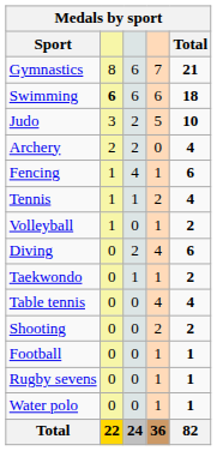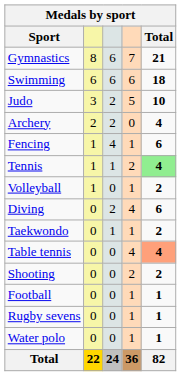 <table class="wikitable" style="text-align:center;font-size:85%;float:right;clear:right;">
 <tr style="background:#efefef;">
 <th colspan=5>Medals by sport</th>
 </tr>
 <tr>
 <th>Sport</th>
 <td bgcolor=#f7f6a8></td>
 <td bgcolor=#dce5e5></td>
 <td bgcolor=#ffdab9></td>
 <th>Total</th>
 </tr>
 <tr>
 <td align=left><a href='#'>Gymnastics</a></td>
 <td bgcolor=#f7f6a8>8</td>
 <td bgcolor=#dce5e5>6</td>
 <td bgcolor=#ffdab9>7</td>
 <td><strong>21</strong></td>
 </tr>
 <tr>
 <td align=left><a href='#'>Swimming</a></td>
-<td bgcolor=#f7f6a8><strong>6</strong></td>
+<td bgcolor=#f7f6a8>6</td>
 <td bgcolor=#dce5e5>6</td>
 <td bgcolor=#ffdab9>6</td>
 <td><strong>18</strong></td>
 </tr>
 <tr>
 <td align=left><a href='#'>Judo</a></td>
 <td bgcolor=#f7f6a8>3</td>
 <td bgcolor=#dce5e5>2</td>
 <td bgcolor=#ffdab9>5</td>
 <td><strong>10</strong></td>
 </tr>
 <tr>
 <td align=left><a href='#'>Archery</a></td>
 <td bgcolor=#f7f6a8>2</td>
 <td bgcolor=#dce5e5>2</td>
 <td bgcolor=#ffdab9>0</td>
 <td><strong>4</strong></td>
 </tr>
 <tr>
 <td align=left><a href='#'>Fencing</a></td>
 <td bgcolor=#f7f6a8>1</td>
 <td bgcolor=#dce5e5>4</td>
 <td bgcolor=#ffdab9>1</td>
 <td><strong>6</strong></td>
 </tr>
 <tr>
 <td align=left><a href='#'>Tennis</a></td>
 <td bgcolor=#f7f6a8>1</td>
 <td bgcolor=#dce5e5>1</td>
 <td bgcolor=#ffdab9>2</td>
-<td><strong>4</strong></td>
+<td style="background: lightgreen;"><strong>4</strong></td>
 </tr>
 <tr>
 <td align=left><a href='#'>Volleyball</a></td>
 <td bgcolor=#f7f6a8>1</td>
 <td bgcolor=#dce5e5>0</td>
 <td bgcolor=#ffdab9>1</td>
 <td><strong>2</strong></td>
 </tr>
 <tr>
 <td align=left><a href='#'>Diving</a></td>
 <td bgcolor=#f7f6a8>0</td>
 <td bgcolor=#dce5e5>2</td>
 <td bgcolor=#ffdab9>4</td>
 <td><strong>6</strong></td>
 </tr>
 <tr>
 <td align=left><a href='#'>Taekwondo</a></td>
 <td bgcolor=#f7f6a8>0</td>
 <td bgcolor=#dce5e5>1</td>
 <td bgcolor=#ffdab9>1</td>
 <td><strong>2</strong></td>
 </tr>
 <tr>
 <td align=left><a href='#'>Table tennis</a></td>
 <td bgcolor=#f7f6a8>0</td>
 <td bgcolor=#dce5e5>0</td>
 <td bgcolor=#ffdab9>4</td>
-<td><strong>4</strong></td>
+<td style="background: lightsalmon;"><strong>4</strong></td>
 </tr>
 <tr>
 <td align=left><a href='#'>Shooting</a></td>
 <td bgcolor=#f7f6a8>0</td>
 <td bgcolor=#dce5e5>0</td>
 <td bgcolor=#ffdab9>2</td>
 <td><strong>2</strong></td>
 </tr>
 <tr>
 <td align=left><a href='#'>Football</a></td>
 <td bgcolor=#f7f6a8>0</td>
 <td bgcolor=#dce5e5>0</td>
 <td bgcolor=#ffdab9>1</td>
 <td><strong>1</strong></td>
 </tr>
 <tr>
 <td align=left><a href='#'>Rugby sevens</a></td>
 <td bgcolor=#f7f6a8>0</td>
 <td bgcolor=#dce5e5>0</td>
 <td bgcolor=#ffdab9>1</td>
 <td><strong>1</strong></td>
 </tr>
 <tr>
 <td align=left><a href='#'>Water polo</a></td>
 <td bgcolor=#f7f6a8>0</td>
 <td bgcolor=#dce5e5>0</td>
 <td bgcolor=#ffdab9>1</td>
 <td><strong>1</strong></td>
 </tr>
 <tr>
 <th>Total</th>
 <th style="background:gold;">22</th>
 <th style="background:silver;">24</th>
 <th style="background:#c96;">36</th>
 <th>82</th>
 </tr>
 </table>
